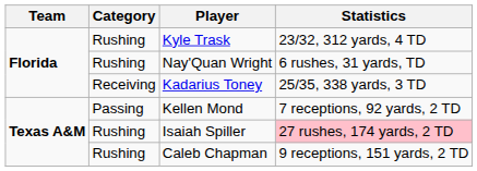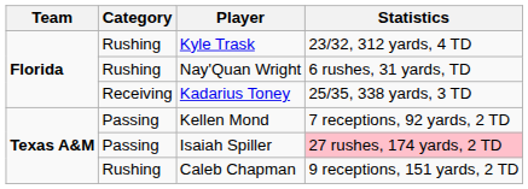 <table class="wikitable" style="float: right;">
 <tr>
 <th>Team</th>
 <th>Category</th>
 <th>Player</th>
 <th>Statistics</th>
 </tr>
 <tr>
 <td rowspan=3><strong>Florida</strong></td>
 <td>Rushing</td>
 <td><a href='#'>Kyle Trask</a></td>
 <td>23/32, 312 yards, 4 TD</td>
 </tr>
 <tr>
 <td>Rushing</td>
 <td>Nay'Quan Wright</td>
 <td>6 rushes, 31 yards, TD</td>
 </tr>
 <tr>
 <td>Receiving</td>
 <td><a href='#'>Kadarius Toney</a></td>
 <td>25/35, 338 yards, 3 TD</td>
 </tr>
 <tr>
 <td rowspan=3><strong>Texas A&M</strong></td>
 <td>Passing</td>
 <td>Kellen Mond</td>
 <td>7 receptions, 92 yards, 2 TD</td>
 </tr>
 <tr>
-<td>Rushing</td>
+<td>Passing</td>
 <td>Isaiah Spiller</td>
 <td style="background: pink;">27 rushes, 174 yards, 2 TD</td>
 </tr>
 <tr>
 <td>Rushing</td>
 <td>Caleb Chapman</td>
 <td>9 receptions, 151 yards, 2 TD</td>
 </tr>
 </table>
